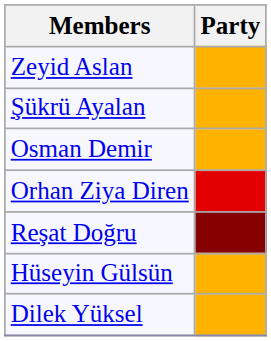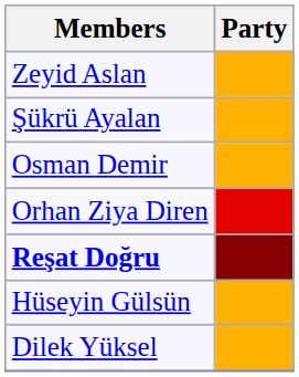 <table class=wikitable style="border:1px solid #8888aa; background-color:#f7f8ff; padding:0px; font-size:90%;">
 <tr>
 <th>Members</th>
 <th colspan="2">Party</th>
 </tr>
 <tr>
 <td><a href='#'>Zeyid Aslan</a></td>
 <td style="background: #ffb300"></td>
 </tr>
 <tr>
 <td><a href='#'>Şükrü Ayalan</a></td>
 <td style="background: #ffb300"></td>
 </tr>
 <tr>
 <td><a href='#'>Osman Demir</a></td>
 <td style="background: #ffb300"></td>
 </tr>
 <tr>
 <td><a href='#'>Orhan Ziya Diren</a></td>
 <td style="background: #e30000"></td>
 </tr>
 <tr>
-<td><a href='#'>Reşat Doğru</a></td>
+<td><strong><a href='#'>Reşat Doğru</a></strong></td>
 <td style="background: #870000"></td>
 </tr>
 <tr>
 <td><a href='#'>Hüseyin Gülsün</a></td>
 <td style="background: #ffb300"></td>
 </tr>
 <tr>
 <td><a href='#'>Dilek Yüksel</a></td>
 <td style="background: #ffb300"></td>
 </tr>
 <tr>
 </tr>
 </table>
